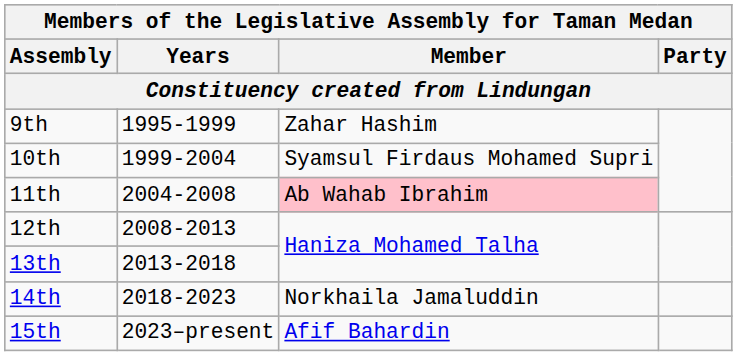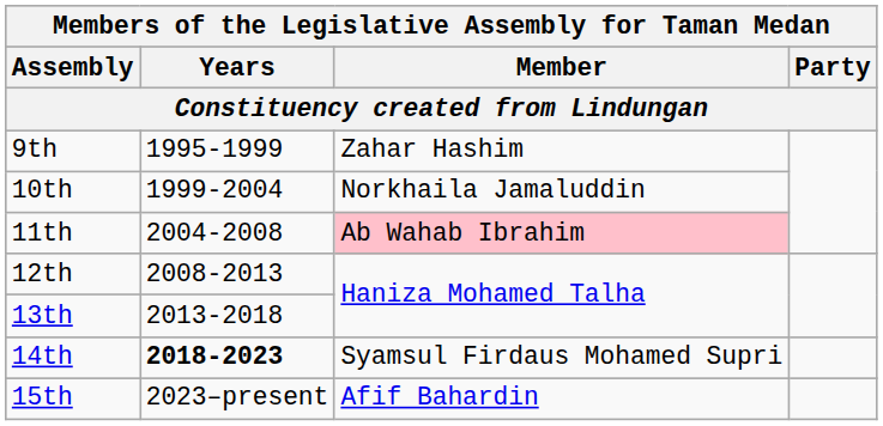 <table class=wikitable>
 <tr>
 <th colspan=4>Members of the Legislative Assembly for Taman Medan</th>
 </tr>
 <tr>
 <th>Assembly</th>
 <th>Years</th>
 <th>Member</th>
 <th>Party</th>
 </tr>
 <tr>
 <th colspan=4 align=center><em>Constituency created from Lindungan</em></th>
 </tr>
 <tr>
 <td>9th</td>
 <td>1995-1999</td>
 <td>Zahar Hashim</td>
 <td rowspan=3></td>
 </tr>
 <tr>
 <td>10th</td>
 <td>1999-2004</td>
-<td>Syamsul Firdaus Mohamed Supri</td>
+<td>Norkhaila Jamaluddin</td>
 </tr>
 <tr>
 <td>11th</td>
 <td>2004-2008</td>
 <td style="background: pink;">Ab Wahab Ibrahim</td>
 </tr>
 <tr>
 <td>12th</td>
 <td>2008-2013</td>
 <td rowspan=2><a href='#'>Haniza Mohamed Talha</a></td>
 <td rowspan=2></td>
 </tr>
 <tr>
 <td><a href='#'>13th</a></td>
 <td>2013-2018</td>
 </tr>
 <tr>
 <td><a href='#'>14th</a></td>
-<td>2018-2023</td>
-<td>Norkhaila Jamaluddin</td>
+<td><strong>2018-2023</strong></td>
+<td>Syamsul Firdaus Mohamed Supri</td>
 <td></td>
 </tr>
 <tr>
 <td><a href='#'>15th</a></td>
 <td>2023–present</td>
 <td><a href='#'>Afif Bahardin</a></td>
 <td></td>
 </tr>
 </table>
